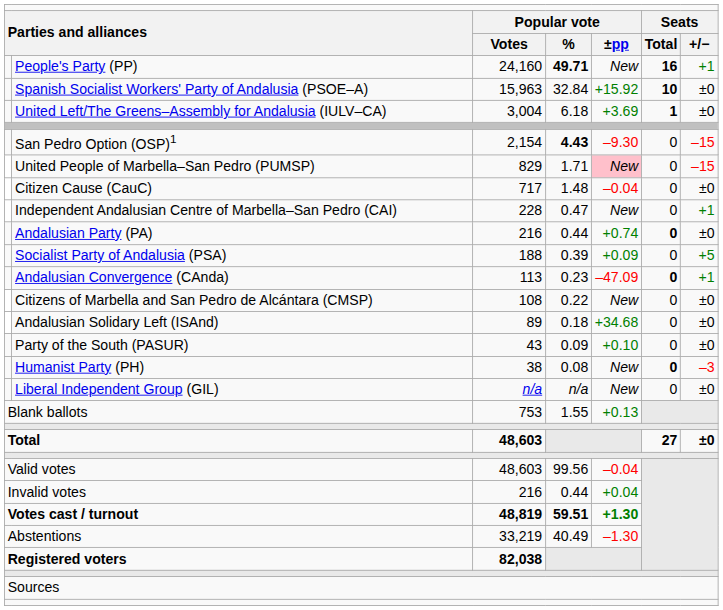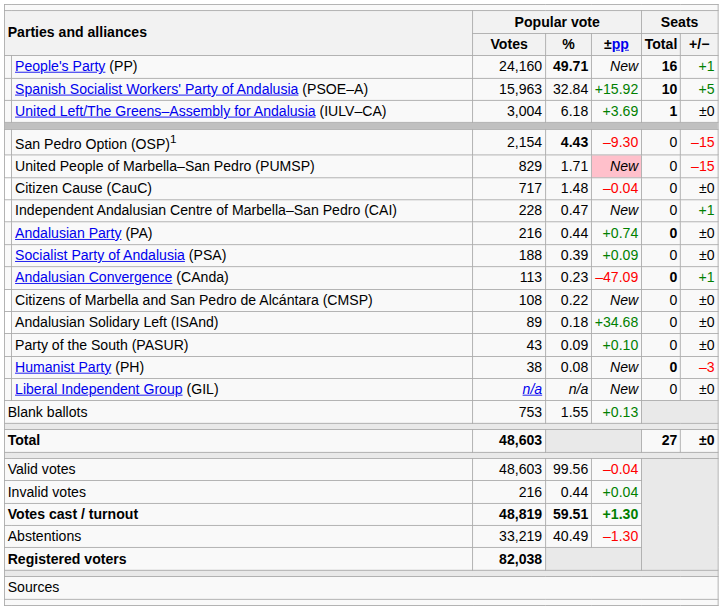 <table class="wikitable" style="text-align:right;">
 <tr>
 <td colspan="7"></td>
 </tr>
 <tr>
 <th style="text-align:left;" rowspan="2" colspan="2" width="525">Parties and alliances</th>
 <th colspan="3">Popular vote</th>
 <th colspan="2">Seats</th>
 </tr>
 <tr>
 <th width="75">Votes</th>
 <th width="45">%</th>
 <th width="45">±<a href='#'>pp</a></th>
 <th width="35">Total</th>
 <th width="35">+/−</th>
 </tr>
 <tr>
 <td width="1" style="color:inherit;background:"></td>
 <td align="left"><a href='#'>People's Party</a> (PP)</td>
 <td>24,160</td>
 <td><strong>49.71</strong></td>
 <td><em>New</em></td>
 <td><strong>16</strong></td>
 <td style="color:green;">+1</td>
 </tr>
 <tr>
 <td style="color:inherit;background:"></td>
 <td align="left"><a href='#'>Spanish Socialist Workers' Party of Andalusia</a> (PSOE–A)</td>
 <td>15,963</td>
 <td>32.84</td>
 <td style="color:green;">+15.92</td>
 <td><strong>10</strong></td>
-<td>±0</td>
+<td style="color:green;">+5</td>
 </tr>
 <tr>
 <td style="color:inherit;background:"></td>
 <td align="left"><a href='#'>United Left/The Greens–Assembly for Andalusia</a> (IULV–CA)</td>
 <td>3,004</td>
 <td>6.18</td>
 <td style="color:green;">+3.69</td>
 <td><strong>1</strong></td>
 <td>±0</td>
 </tr>
 <tr>
 <td colspan="7" bgcolor="#C0C0C0"></td>
 </tr>
 <tr>
 <td style="color:inherit;background:"></td>
 <td align="left">San Pedro Option (OSP)<sup>1</sup></td>
 <td>2,154</td>
 <td><strong>4.43</strong></td>
 <td style="color:red;">–9.30</td>
 <td>0</td>
 <td style="color:red;">–15</td>
 </tr>
 <tr>
 <td bgcolor="white"></td>
 <td align="left">United People of Marbella–San Pedro (PUMSP)</td>
 <td>829</td>
 <td>1.71</td>
 <td style="background: pink;"><em>New</em></td>
 <td>0</td>
 <td style="color:red;">–15</td>
 </tr>
 <tr>
 <td bgcolor="white"></td>
 <td align="left">Citizen Cause (CauC)</td>
 <td>717</td>
 <td>1.48</td>
 <td style="color:red;">–0.04</td>
 <td>0</td>
 <td>±0</td>
 </tr>
 <tr>
 <td bgcolor="white"></td>
 <td align="left">Independent Andalusian Centre of Marbella–San Pedro (CAI)</td>
 <td>228</td>
 <td>0.47</td>
 <td><em>New</em></td>
 <td>0</td>
 <td style="color:green;">+1</td>
 </tr>
 <tr>
 <td style="color:inherit;background:"></td>
 <td align="left"><a href='#'>Andalusian Party</a> (PA)</td>
 <td>216</td>
 <td>0.44</td>
 <td style="color:green;">+0.74</td>
 <td><strong>0</strong></td>
 <td>±0</td>
 </tr>
 <tr>
 <td style="color:inherit;background:"></td>
 <td align="left"><a href='#'>Socialist Party of Andalusia</a> (PSA)</td>
 <td>188</td>
 <td>0.39</td>
 <td style="color:green;">+0.09</td>
 <td>0</td>
-<td style="color:green;">+5</td>
+<td>±0</td>
 </tr>
 <tr>
 <td style="color:inherit;background:"></td>
 <td align="left"><a href='#'>Andalusian Convergence</a> (CAnda)</td>
 <td>113</td>
 <td>0.23</td>
 <td style="color:red;">–47.09</td>
 <td><strong>0</strong></td>
 <td style="color:green;">+1</td>
 </tr>
 <tr>
 <td bgcolor="white"></td>
 <td align="left">Citizens of Marbella and San Pedro de Alcántara (CMSP)</td>
 <td>108</td>
 <td>0.22</td>
 <td><em>New</em></td>
 <td>0</td>
 <td>±0</td>
 </tr>
 <tr>
 <td bgcolor="white"></td>
 <td align="left">Andalusian Solidary Left (ISAnd)</td>
 <td>89</td>
 <td>0.18</td>
 <td style="color:green;">+34.68</td>
 <td>0</td>
 <td>±0</td>
 </tr>
 <tr>
 <td style="color:inherit;background:"></td>
 <td align="left">Party of the South (PASUR)</td>
 <td>43</td>
 <td>0.09</td>
 <td style="color:green;">+0.10</td>
 <td>0</td>
 <td>±0</td>
 </tr>
 <tr>
 <td style="color:inherit;background:"></td>
 <td align="left"><a href='#'>Humanist Party</a> (PH)</td>
 <td>38</td>
 <td>0.08</td>
 <td><em>New</em></td>
 <td><strong>0</strong></td>
 <td style="color:red;">–3</td>
 </tr>
 <tr>
 <td style="color:inherit;background:"></td>
 <td align="left"><a href='#'>Liberal Independent Group</a> (GIL)</td>
 <td><em><a href='#'>n/a</a></em></td>
 <td><em>n/a</em></td>
 <td><em>New</em></td>
 <td>0</td>
 <td>±0</td>
 </tr>
 <tr>
 <td align="left" colspan="2">Blank ballots</td>
 <td>753</td>
 <td>1.55</td>
 <td style="color:green;">+0.13</td>
 <td bgcolor="#E9E9E9" colspan="2"></td>
 </tr>
 <tr>
 <td colspan="7" bgcolor="#E9E9E9"></td>
 </tr>
 <tr style="font-weight:bold;">
 <td align="left" colspan="2">Total</td>
 <td>48,603</td>
 <td bgcolor="#E9E9E9" colspan="2"></td>
 <td>27</td>
 <td>±0</td>
 </tr>
 <tr>
 <td colspan="7" bgcolor="#E9E9E9"></td>
 </tr>
 <tr>
 <td align="left" colspan="2">Valid votes</td>
 <td>48,603</td>
 <td>99.56</td>
 <td style="color:red;">–0.04</td>
 <td bgcolor="#E9E9E9" colspan="2" rowspan="5"></td>
 </tr>
 <tr>
 <td align="left" colspan="2">Invalid votes</td>
 <td>216</td>
 <td>0.44</td>
 <td style="color:green;">+0.04</td>
 </tr>
 <tr style="font-weight:bold;">
 <td align="left" colspan="2">Votes cast / turnout</td>
 <td>48,819</td>
 <td>59.51</td>
 <td style="color:green;">+1.30</td>
 </tr>
 <tr>
 <td align="left" colspan="2">Abstentions</td>
 <td>33,219</td>
 <td>40.49</td>
 <td style="color:red;">–1.30</td>
 </tr>
 <tr style="font-weight:bold;">
 <td align="left" colspan="2">Registered voters</td>
 <td>82,038</td>
 <td bgcolor="#E9E9E9" colspan="2"></td>
 </tr>
 <tr>
 <td colspan="7" bgcolor="#E9E9E9"></td>
 </tr>
 <tr>
 <td align="left" colspan="7">Sources</td>
 </tr>
 <tr>
 <td colspan="7" style="text-align:left; max-width:790px;"></td>
 </tr>
 </table>
